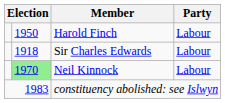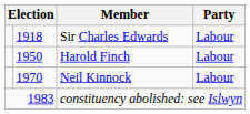 <table class="wikitable">
 <tr>
 <th colspan="2">Election</th>
 <th>Member</th>
 <th>Party</th>
+</tr>
+<tr>
+<td style="color:inherit;background-color: "></td>
+<td><a href='#'>1918</a></td>
+<td>Sir <a href='#'>Charles Edwards</a></td>
+<td><a href='#'>Labour</a></td>
 </tr>
 <tr>
 <td style="color:inherit;background-color: "></td>
 <td><a href='#'>1950</a></td>
 <td><a href='#'>Harold Finch</a></td>
 <td><a href='#'>Labour</a></td>
 </tr>
 <tr>
 <td style="color:inherit;background-color: "></td>
-<td><a href='#'>1918</a></td>
-<td>Sir <a href='#'>Charles Edwards</a></td>
-<td><a href='#'>Labour</a></td>
-</tr>
-<tr>
-<td style="color:inherit;background-color: "></td>
-<td style="background: lightgreen;"><a href='#'>1970</a></td>
+<td><a href='#'>1970</a></td>
 <td><a href='#'>Neil Kinnock</a></td>
 <td><a href='#'>Labour</a></td>
 </tr>
 <tr>
 <td colspan="2" align="right"><a href='#'>1983</a></td>
 <td colspan="2"><em>constituency abolished: see <a href='#'>Islwyn</a></em></td>
 </tr>
 </table>
